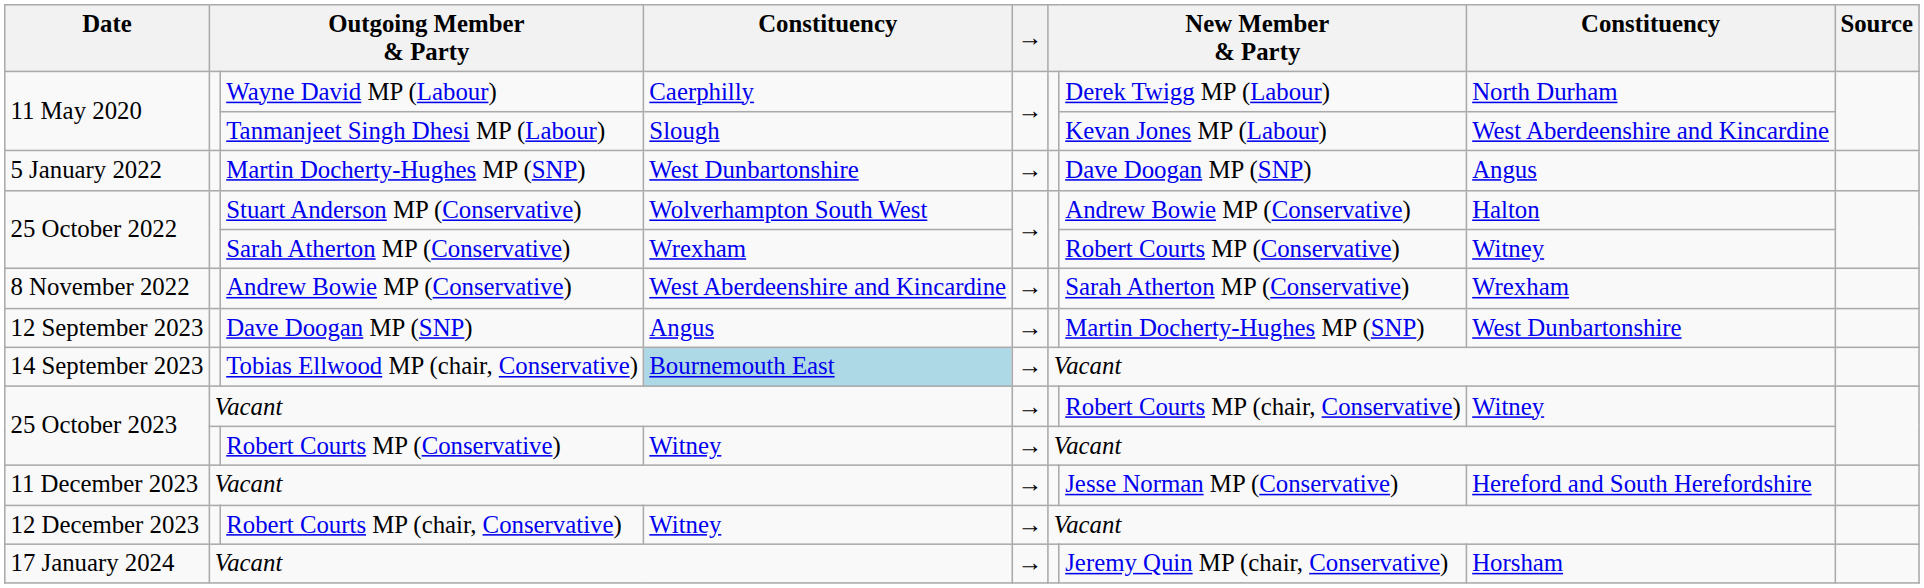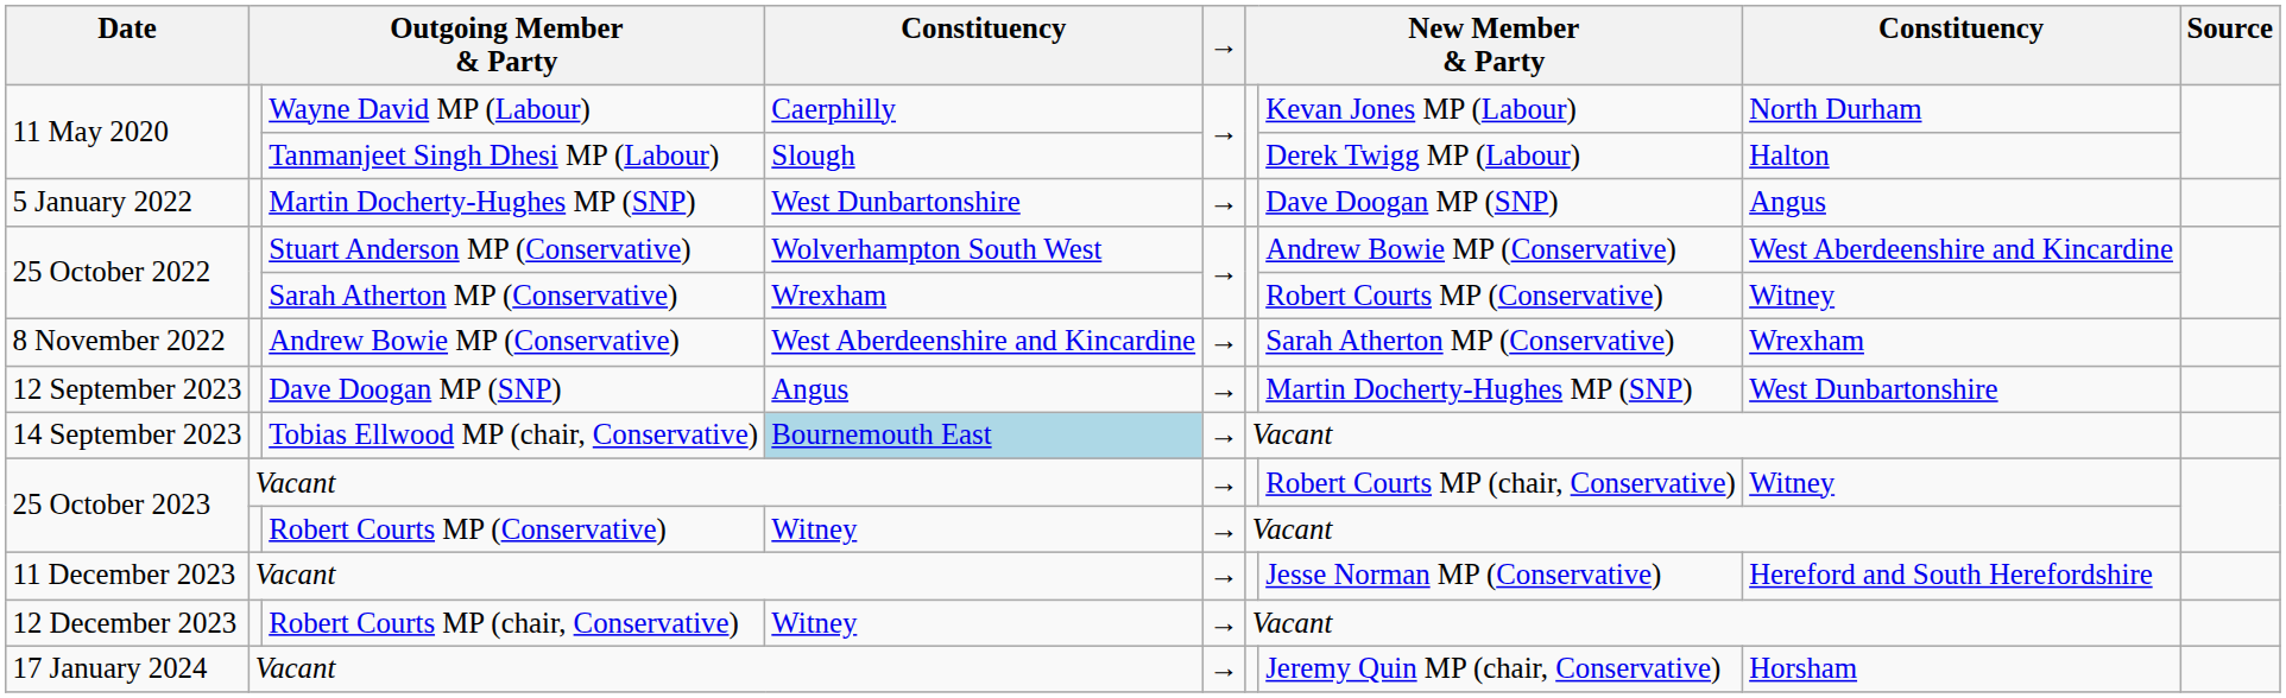 <table class="wikitable">
 <tr>
 <th valign="top">Date</th>
 <th colspan="2" valign="top">Outgoing Member<br>& Party</th>
 <th valign="top">Constituency</th>
 <th>→</th>
 <th colspan="2" valign="top">New Member<br>& Party</th>
 <th valign="top">Constituency</th>
 <th valign="top">Source</th>
 </tr>
 <tr>
 <td rowspan=2>11 May 2020</td>
 <td rowspan=2 style="color:inherit;background:"></td>
 <td><a href='#'>Wayne David</a> MP (<a href='#'>Labour</a>)</td>
 <td><a href='#'>Caerphilly</a></td>
 <td rowspan=2>→</td>
 <td rowspan=2 style="color:inherit;background:"></td>
-<td><a href='#'>Derek Twigg</a> MP (<a href='#'>Labour</a>)</td>
+<td><a href='#'>Kevan Jones</a> MP (<a href='#'>Labour</a>)</td>
 <td><a href='#'>North Durham</a></td>
 <td rowspan=2></td>
 </tr>
 <tr>
 <td><a href='#'>Tanmanjeet Singh Dhesi</a> MP (<a href='#'>Labour</a>)</td>
 <td><a href='#'>Slough</a></td>
-<td><a href='#'>Kevan Jones</a> MP (<a href='#'>Labour</a>)</td>
-<td><a href='#'>West Aberdeenshire and Kincardine</a></td>
+<td><a href='#'>Derek Twigg</a> MP (<a href='#'>Labour</a>)</td>
+<td><a href='#'>Halton</a></td>
 </tr>
 <tr>
 <td>5 January 2022</td>
 <td style="color:inherit;background:"></td>
 <td><a href='#'>Martin Docherty-Hughes</a> MP (<a href='#'>SNP</a>)</td>
 <td><a href='#'>West Dunbartonshire</a></td>
 <td>→</td>
 <td style="color:inherit;background:"></td>
 <td><a href='#'>Dave Doogan</a> MP (<a href='#'>SNP</a>)</td>
 <td><a href='#'>Angus</a></td>
 <td></td>
 </tr>
 <tr>
 <td rowspan=2>25 October 2022</td>
 <td rowspan=2 style="color:inherit;background:"></td>
 <td><a href='#'>Stuart Anderson</a> MP (<a href='#'>Conservative</a>)</td>
 <td><a href='#'>Wolverhampton South West</a></td>
 <td rowspan=2>→</td>
 <td rowspan=2 style="color:inherit;background:"></td>
 <td><a href='#'>Andrew Bowie</a> MP (<a href='#'>Conservative</a>)</td>
-<td><a href='#'>Halton</a></td>
+<td><a href='#'>West Aberdeenshire and Kincardine</a></td>
 <td rowspan=2></td>
 </tr>
 <tr>
 <td><a href='#'>Sarah Atherton</a> MP (<a href='#'>Conservative</a>)</td>
 <td><a href='#'>Wrexham</a></td>
 <td><a href='#'>Robert Courts</a> MP (<a href='#'>Conservative</a>)</td>
 <td><a href='#'>Witney</a></td>
 </tr>
 <tr>
 <td>8 November 2022</td>
 <td style="color:inherit;background:"></td>
 <td><a href='#'>Andrew Bowie</a> MP (<a href='#'>Conservative</a>)</td>
 <td><a href='#'>West Aberdeenshire and Kincardine</a></td>
 <td>→</td>
 <td style="color:inherit;background:"></td>
 <td><a href='#'>Sarah Atherton</a> MP (<a href='#'>Conservative</a>)</td>
 <td><a href='#'>Wrexham</a></td>
 <td></td>
 </tr>
 <tr>
 <td>12 September 2023</td>
 <td style="color:inherit;background:"></td>
 <td><a href='#'>Dave Doogan</a> MP (<a href='#'>SNP</a>)</td>
 <td><a href='#'>Angus</a></td>
 <td>→</td>
 <td style="color:inherit;background:"></td>
 <td><a href='#'>Martin Docherty-Hughes</a> MP (<a href='#'>SNP</a>)</td>
 <td><a href='#'>West Dunbartonshire</a></td>
 <td></td>
 </tr>
 <tr>
 <td>14 September 2023</td>
 <td style="color:inherit;background:"></td>
 <td><a href='#'>Tobias Ellwood</a> MP (chair, <a href='#'>Conservative</a>)</td>
 <td style="background: lightblue;"><a href='#'>Bournemouth East</a></td>
 <td>→</td>
 <td colspan=3><em>Vacant</em></td>
 <td></td>
 </tr>
 <tr>
 <td rowspan=2>25 October 2023</td>
 <td colspan=3><em>Vacant</em></td>
 <td>→</td>
 <td style="color:inherit;background:"></td>
 <td><a href='#'>Robert Courts</a> MP (chair, <a href='#'>Conservative</a>)</td>
 <td><a href='#'>Witney</a></td>
 <td rowspan=2></td>
 </tr>
 <tr>
 <td style="color:inherit;background:"></td>
 <td><a href='#'>Robert Courts</a> MP (<a href='#'>Conservative</a>)</td>
 <td><a href='#'>Witney</a></td>
 <td>→</td>
 <td colspan=3><em>Vacant</em></td>
 </tr>
 <tr>
 <td>11 December 2023</td>
 <td colspan=3><em>Vacant</em></td>
 <td>→</td>
 <td style="color:inherit;background:"></td>
 <td><a href='#'>Jesse Norman</a> MP (<a href='#'>Conservative</a>)</td>
 <td><a href='#'>Hereford and South Herefordshire</a></td>
 <td></td>
 </tr>
 <tr>
 <td>12 December 2023</td>
 <td style="color:inherit;background:"></td>
 <td><a href='#'>Robert Courts</a> MP (chair, <a href='#'>Conservative</a>)</td>
 <td><a href='#'>Witney</a></td>
 <td>→</td>
 <td colspan=3><em>Vacant</em></td>
 <td></td>
 </tr>
 <tr>
 <td>17 January 2024</td>
 <td colspan=3><em>Vacant</em></td>
 <td>→</td>
 <td style="color:inherit;background:"></td>
 <td><a href='#'>Jeremy Quin</a> MP (chair, <a href='#'>Conservative</a>)</td>
 <td><a href='#'>Horsham</a></td>
 <td></td>
 </tr>
 </table>
